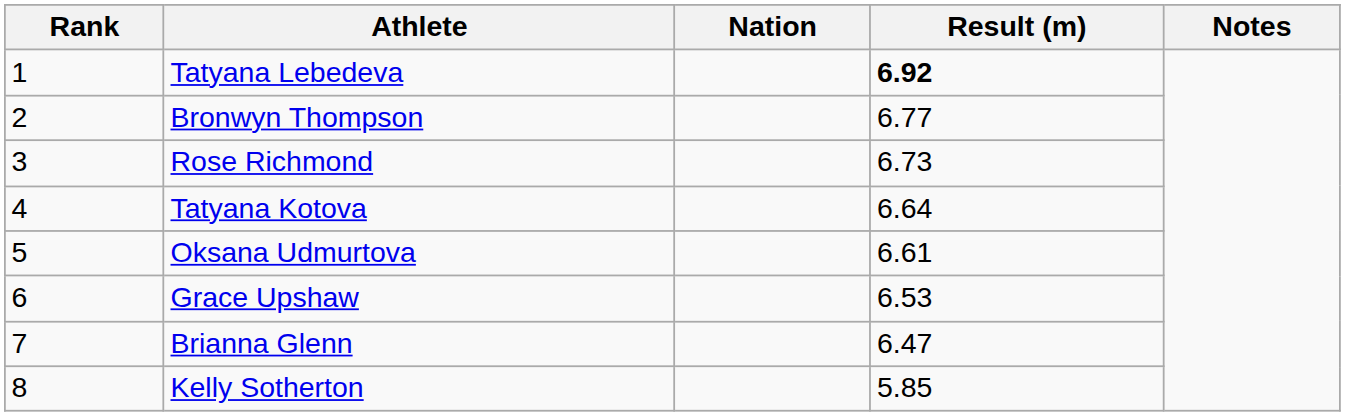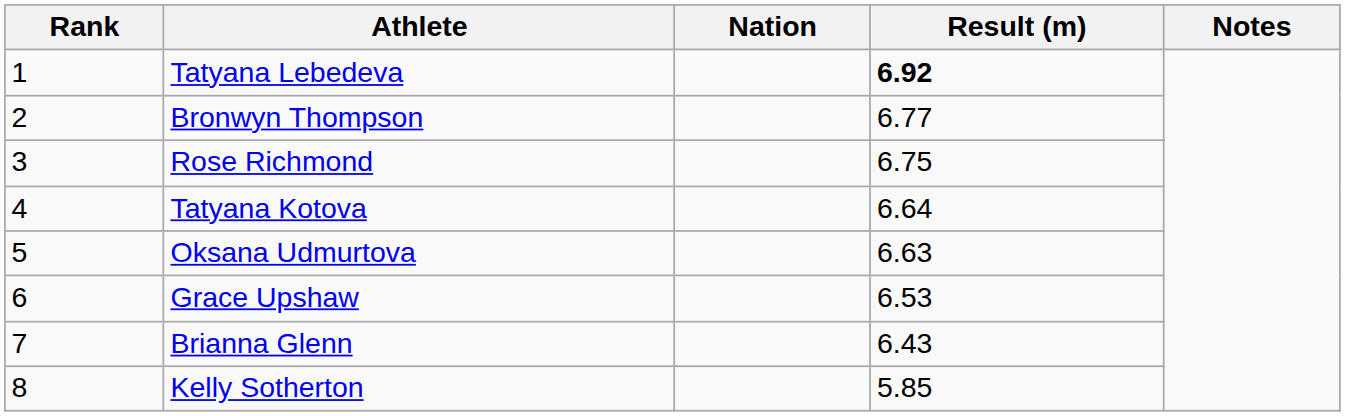 <table class="wikitable" style="text=align:center;" width=85%>
 <tr>
 <th>Rank</th>
 <th>Athlete</th>
 <th>Nation</th>
 <th>Result (m)</th>
 <th>Notes</th>
 </tr>
 <tr>
 <td>1</td>
 <td><a href='#'>Tatyana Lebedeva</a></td>
 <td></td>
 <td><strong>6.92</strong></td>
 </tr>
 <tr>
 <td>2</td>
 <td><a href='#'>Bronwyn Thompson</a></td>
 <td></td>
 <td>6.77</td>
 </tr>
 <tr>
 <td>3</td>
 <td><a href='#'>Rose Richmond</a></td>
 <td></td>
-<td>6.73</td>
+<td>6.75</td>
 </tr>
 <tr>
 <td>4</td>
 <td><a href='#'>Tatyana Kotova</a></td>
 <td></td>
 <td>6.64</td>
 </tr>
 <tr>
 <td>5</td>
 <td><a href='#'>Oksana Udmurtova</a></td>
 <td></td>
-<td>6.61</td>
+<td>6.63</td>
 </tr>
 <tr>
 <td>6</td>
 <td><a href='#'>Grace Upshaw</a></td>
 <td></td>
 <td>6.53</td>
 </tr>
 <tr>
 <td>7</td>
 <td><a href='#'>Brianna Glenn</a></td>
 <td></td>
-<td>6.47</td>
+<td>6.43</td>
 </tr>
 <tr>
 <td>8</td>
 <td><a href='#'>Kelly Sotherton</a></td>
 <td></td>
 <td>5.85</td>
 </tr>
 </table>
